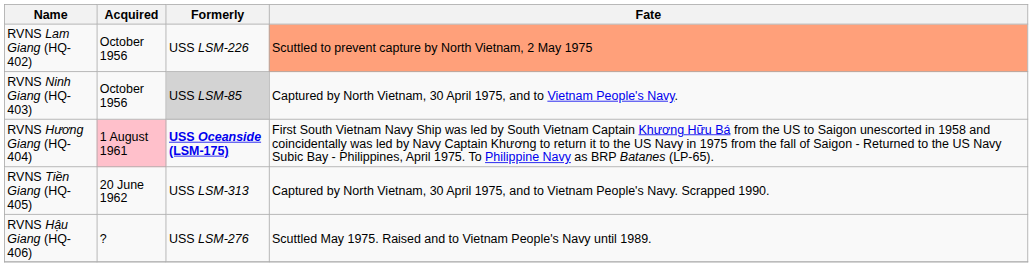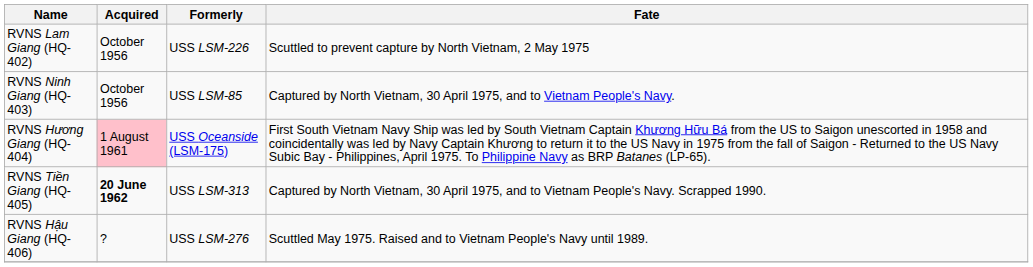 <table class="wikitable" style="font-size:95%;">
 <tr>
 <th>Name</th>
 <th>Acquired</th>
 <th>Formerly</th>
 <th>Fate</th>
 </tr>
 <tr>
 <td>RVNS <em>Lam Giang</em> (HQ-402)</td>
 <td>October 1956</td>
 <td>USS <em>LSM-226</em></td>
-<td style="background: lightsalmon;">Scuttled to prevent capture by North Vietnam, 2 May 1975</td>
+<td>Scuttled to prevent capture by North Vietnam, 2 May 1975</td>
 </tr>
 <tr>
 <td>RVNS <em>Ninh Giang</em> (HQ-403)</td>
 <td>October 1956</td>
-<td style="background: lightgrey;">USS <em>LSM-85</em></td>
+<td>USS <em>LSM-85</em></td>
 <td>Captured by North Vietnam, 30 April 1975, and to <a href='#'>Vietnam People's Navy</a>.</td>
 </tr>
 <tr>
 <td>RVNS <em>Hương Giang</em> (HQ-404)</td>
 <td style="background: pink;">1 August 1961</td>
-<td><strong><a href='#'>USS <em>Oceanside</em> (LSM-175)</a></strong></td>
+<td><a href='#'>USS <em>Oceanside</em> (LSM-175)</a></td>
 <td>First South Vietnam Navy Ship was led by South Vietnam Captain <a href='#'>Khương Hữu Bá</a> from the US to Saigon unescorted in 1958 and coincidentally was led by Navy Captain Khương to return it to the US Navy in 1975 from the fall of Saigon - Returned to the US Navy Subic Bay - Philippines, April 1975. To <a href='#'>Philippine Navy</a> as BRP <em>Batanes</em> (LP-65).</td>
 </tr>
 <tr>
 <td>RVNS <em>Tiền Giang</em> (HQ-405)</td>
-<td>20 June 1962</td>
+<td><strong>20 June 1962</strong></td>
 <td>USS <em>LSM-313</em></td>
 <td>Captured by North Vietnam, 30 April 1975, and to Vietnam People's Navy. Scrapped 1990.</td>
 </tr>
 <tr>
 <td>RVNS <em>Hậu Giang</em> (HQ-406)</td>
 <td>?</td>
 <td>USS <em>LSM-276</em></td>
 <td>Scuttled May 1975. Raised and to Vietnam People's Navy until 1989.</td>
 </tr>
 <tr>
 </tr>
 </table>
